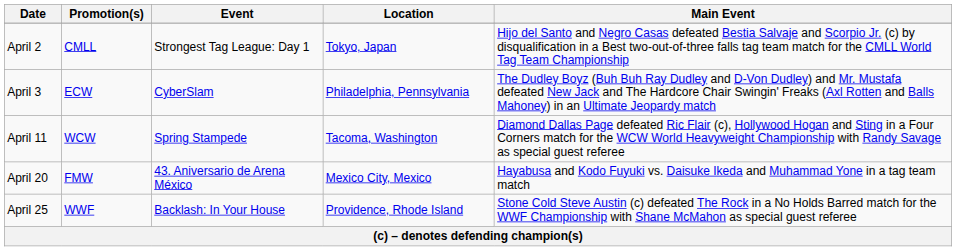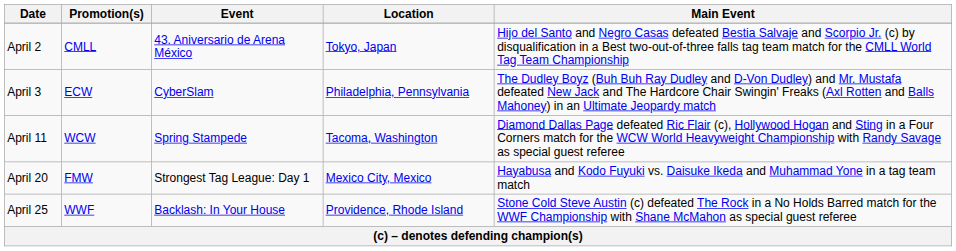 <table class="wikitable" style="width:100%;">
 <tr>
 <th width="5%">Date</th>
 <th width="5%">Promotion(s)</th>
 <th style="width:15%;">Event</th>
 <th style="width:15%;">Location</th>
 <th style="width:40%;">Main Event</th>
 </tr>
 <tr style="width:20%;" |Notes>
 </tr>
 <tr>
 <td>April 2</td>
 <td><a href='#'>CMLL</a></td>
-<td>Strongest Tag League: Day 1</td>
+<td><a href='#'>43. Aniversario de Arena México</a></td>
 <td><a href='#'>Tokyo, Japan</a></td>
 <td><a href='#'>Hijo del Santo</a> and <a href='#'>Negro Casas</a> defeated <a href='#'>Bestia Salvaje</a> and <a href='#'>Scorpio Jr.</a> (c) by disqualification in a Best two-out-of-three falls tag team match for the <a href='#'>CMLL World Tag Team Championship</a></td>
 </tr>
 <tr>
 <td>April 3</td>
 <td><a href='#'>ECW</a></td>
 <td><a href='#'>CyberSlam</a></td>
 <td><a href='#'>Philadelphia, Pennsylvania</a></td>
 <td><a href='#'>The Dudley Boyz</a> (<a href='#'>Buh Buh Ray Dudley</a> and <a href='#'>D-Von Dudley</a>) and <a href='#'>Mr. Mustafa</a> defeated <a href='#'>New Jack</a> and The Hardcore Chair Swingin' Freaks (<a href='#'>Axl Rotten</a> and <a href='#'>Balls Mahoney</a>) in an <a href='#'>Ultimate Jeopardy match</a></td>
 </tr>
 <tr>
 <td>April 11</td>
 <td><a href='#'>WCW</a></td>
 <td><a href='#'>Spring Stampede</a></td>
 <td><a href='#'>Tacoma, Washington</a></td>
 <td><a href='#'>Diamond Dallas Page</a> defeated <a href='#'>Ric Flair</a> (c), <a href='#'>Hollywood Hogan</a> and <a href='#'>Sting</a> in a Four Corners match for the <a href='#'>WCW World Heavyweight Championship</a> with <a href='#'>Randy Savage</a> as special guest referee</td>
 </tr>
 <tr>
 <td>April 20</td>
 <td><a href='#'>FMW</a></td>
-<td><a href='#'>43. Aniversario de Arena México</a></td>
+<td>Strongest Tag League: Day 1</td>
 <td><a href='#'>Mexico City, Mexico</a></td>
 <td><a href='#'>Hayabusa</a> and <a href='#'>Kodo Fuyuki</a> vs. <a href='#'>Daisuke Ikeda</a> and <a href='#'>Muhammad Yone</a> in a tag team match</td>
 </tr>
 <tr>
 <td>April 25</td>
 <td><a href='#'>WWF</a></td>
 <td><a href='#'>Backlash: In Your House</a></td>
 <td><a href='#'>Providence, Rhode Island</a></td>
 <td><a href='#'>Stone Cold Steve Austin</a> (c) defeated <a href='#'>The Rock</a> in a No Holds Barred match for the <a href='#'>WWF Championship</a> with <a href='#'>Shane McMahon</a> as special guest referee</td>
 </tr>
 <tr>
 <th colspan="6">(c) – denotes defending champion(s)</th>
 </tr>
 </table>
